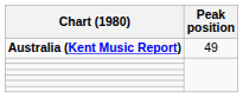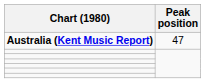 <table class="wikitable sortable plainrowheaders">
 <tr>
 <th scope="col">Chart (1980)</th>
 <th scope="col">Peak<br>position</th>
 </tr>
 <tr>
 <td align="left"><strong>Australia (<a href='#'>Kent Music Report</a>)</strong></td>
-<td style="text-align:center;">49</td>
+<td style="text-align:center;">47</td>
 </tr>
 <tr>
 <td></td>
 </tr>
 <tr>
 <td></td>
 </tr>
 <tr>
 <td></td>
 </tr>
 <tr>
 <td></td>
 </tr>
 <tr>
 <td></td>
 </tr>
 <tr>
 <td></td>
 </tr>
 </table>
